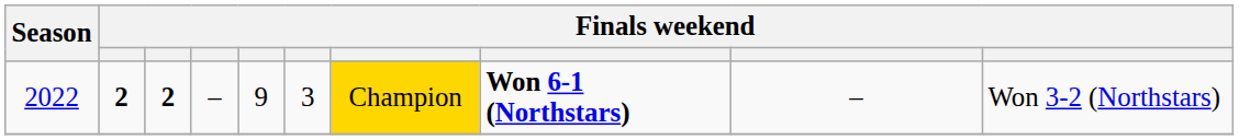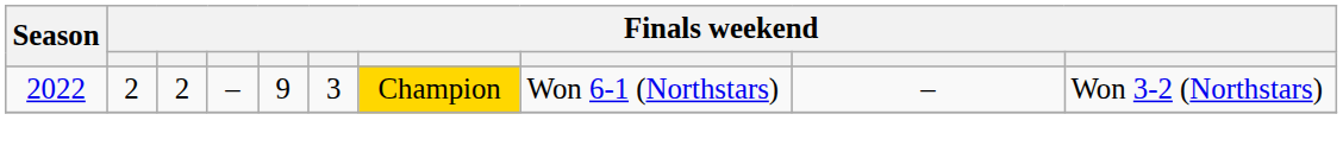 <table class="wikitable" style="text-align: center">
 <tr>
 <th rowspan="2" style="width:40px">Season</th>
 <th colspan="9">Finals weekend</th>
 </tr>
 <tr>
 <th width="20px"></th>
 <th width="20px"></th>
 <th width="20px"></th>
 <th width="20px"></th>
 <th width="20px"></th>
 <th width="80px"></th>
 <th width="140px"></th>
 <th width="140px"></th>
 <th width="140px"></th>
 </tr>
 <tr>
 <td><a href='#'>2022</a></td>
-<td><strong>2</strong></td>
-<td><strong>2</strong></td>
+<td>2</td>
+<td>2</td>
 <td>–</td>
 <td>9</td>
 <td>3</td>
 <td bgcolor="gold">Champion</td>
-<td align="left"><strong>Won <a href='#'>6-1</a> (<a href='#'>Northstars</a>)</strong></td>
+<td align="left">Won <a href='#'>6-1</a> (<a href='#'>Northstars</a>)</td>
 <td>–</td>
 <td align="left">Won <a href='#'>3-2</a> (<a href='#'>Northstars</a>)</td>
 </tr>
 <tr>
 </tr>
 </table>
